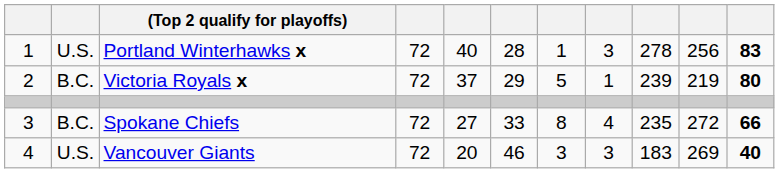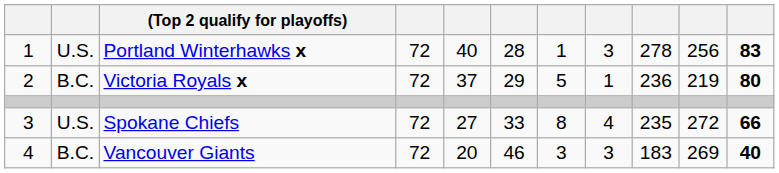 <table class="wikitable sortable">
 <tr>
 <th style="width:2em"></th>
 <th style="width:2em;"></th>
 <th style="width:15em;" class="unsortable"><small>(Top 2 qualify for playoffs)</small></th>
 <th style="width:2em;"></th>
 <th style="width:2em;"></th>
 <th style="width:2em;"></th>
 <th style="width:2em;"></th>
 <th style="width:2em;"></th>
 <th style="width:2em;"></th>
 <th style="width:2em;"></th>
 <th style="width:2em;"></th>
 </tr>
 <tr style="font-weight: ; text-align: center;">
 <td>1</td>
 <td>U.S.</td>
 <td style="text-align:left;"><a href='#'>Portland Winterhawks</a> <strong>x</strong></td>
 <td>72</td>
 <td>40</td>
 <td>28</td>
 <td>1</td>
 <td>3</td>
 <td>278</td>
 <td>256</td>
 <td><strong>83</strong></td>
 </tr>
 <tr style="font-weight: ; text-align: center;">
 <td>2</td>
 <td>B.C.</td>
 <td style="text-align:left;"><a href='#'>Victoria Royals</a> <strong>x</strong></td>
 <td>72</td>
 <td>37</td>
 <td>29</td>
 <td>5</td>
 <td>1</td>
-<td>239</td>
+<td>236</td>
 <td>219</td>
 <td><strong>80</strong></td>
 </tr>
 <tr style="color:#cccccc;background-color:#cccccc">
 <td style="height:2px"></td>
 <td></td>
 <td></td>
 <td></td>
 <td></td>
 <td></td>
 <td></td>
 <td></td>
 <td></td>
 <td></td>
 <td></td>
 </tr>
 <tr style="text-align: center;">
 <td>3</td>
-<td>B.C.</td>
+<td>U.S.</td>
 <td style="text-align:left;"><a href='#'>Spokane Chiefs</a></td>
 <td>72</td>
 <td>27</td>
 <td>33</td>
 <td>8</td>
 <td>4</td>
 <td>235</td>
 <td>272</td>
 <td><strong>66</strong></td>
 </tr>
 <tr style="text-align: center;">
 <td>4</td>
-<td>U.S.</td>
+<td>B.C.</td>
 <td style="text-align:left;"><a href='#'>Vancouver Giants</a></td>
 <td>72</td>
 <td>20</td>
 <td>46</td>
 <td>3</td>
 <td>3</td>
 <td>183</td>
 <td>269</td>
 <td><strong>40</strong></td>
 </tr>
 </table>
